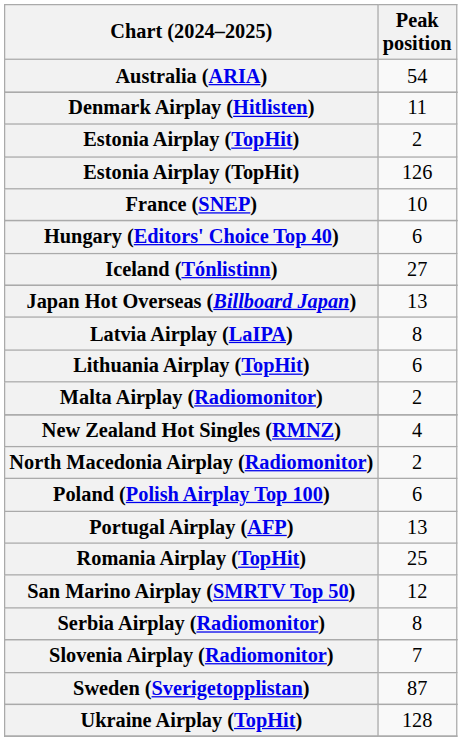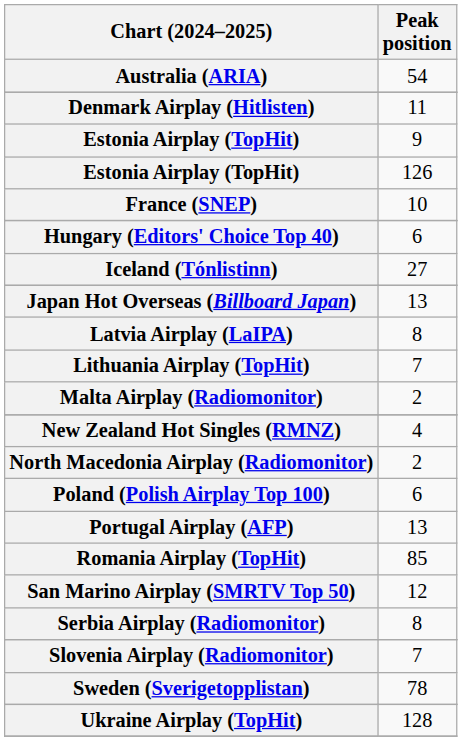 <table class="wikitable sortable plainrowheaders" style="text-align:center">
 <tr>
 <th scope="col">Chart (2024–2025)</th>
 <th scope="col">Peak<br>position</th>
 </tr>
 <tr>
 <th scope="row">Australia (<a href='#'>ARIA</a>)</th>
 <td>54</td>
 </tr>
 <tr>
 </tr>
 <tr>
 </tr>
 <tr>
 </tr>
 <tr>
 </tr>
 <tr>
 </tr>
 <tr>
 </tr>
 <tr>
 </tr>
 <tr>
 <th scope="row">Denmark Airplay (<a href='#'>Hitlisten</a>)</th>
 <td>11</td>
 </tr>
 <tr>
 <th scope="row">Estonia Airplay (<a href='#'>TopHit</a>)</th>
-<td>2</td>
+<td>9</td>
 </tr>
 <tr>
 <th scope="row">Estonia Airplay (TopHit)<br></th>
 <td>126</td>
 </tr>
 <tr>
 <th scope="row">France (<a href='#'>SNEP</a>)</th>
 <td>10</td>
 </tr>
 <tr>
 </tr>
 <tr>
 </tr>
 <tr>
 <th scope="row">Hungary (<a href='#'>Editors' Choice Top 40</a>)</th>
 <td>6</td>
 </tr>
 <tr>
 <th scope="row">Iceland (<a href='#'>Tónlistinn</a>)</th>
 <td>27</td>
 </tr>
 <tr>
 </tr>
 <tr>
 <th scope="row">Japan Hot Overseas (<em><a href='#'>Billboard Japan</a></em>)</th>
 <td>13</td>
 </tr>
 <tr>
 <th scope="row">Latvia Airplay (<a href='#'>LaIPA</a>)</th>
 <td>8</td>
 </tr>
 <tr>
 <th scope="row">Lithuania Airplay (<a href='#'>TopHit</a>)</th>
-<td>6</td>
+<td>7</td>
 </tr>
 <tr>
 <th scope="row">Malta Airplay (<a href='#'>Radiomonitor</a>)</th>
 <td>2</td>
 </tr>
 <tr>
 </tr>
 <tr>
 </tr>
 <tr>
 <th scope="row">New Zealand Hot Singles (<a href='#'>RMNZ</a>)</th>
 <td>4</td>
 </tr>
 <tr>
 <th scope="row">North Macedonia Airplay (<a href='#'>Radiomonitor</a>)</th>
 <td>2</td>
 </tr>
 <tr>
 <th scope="row">Poland (<a href='#'>Polish Airplay Top 100</a>)</th>
 <td>6</td>
 </tr>
 <tr>
 <th scope="row">Portugal Airplay (<a href='#'>AFP</a>)</th>
 <td>13</td>
 </tr>
 <tr>
 <th scope="row">Romania Airplay (<a href='#'>TopHit</a>)</th>
-<td>25</td>
+<td>85</td>
 </tr>
 <tr>
 <th scope="row">San Marino Airplay (<a href='#'>SMRTV Top 50</a>)</th>
 <td>12</td>
 </tr>
 <tr>
 <th scope="row">Serbia Airplay (<a href='#'>Radiomonitor</a>)</th>
 <td>8</td>
 </tr>
 <tr>
 </tr>
 <tr>
 <th scope="row">Slovenia Airplay (<a href='#'>Radiomonitor</a>)</th>
 <td>7</td>
 </tr>
 <tr>
 <th scope="row">Sweden (<a href='#'>Sverigetopplistan</a>)</th>
-<td>87</td>
+<td>78</td>
 </tr>
 <tr>
 </tr>
 <tr>
 <th scope="row">Ukraine Airplay (<a href='#'>TopHit</a>)</th>
 <td>128</td>
 </tr>
 <tr>
 </tr>
 <tr>
 </tr>
 <tr>
 </tr>
 <tr>
 </tr>
 <tr>
 </tr>
 <tr>
 </tr>
 </table>
